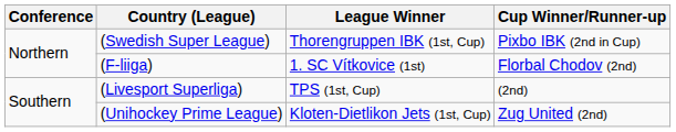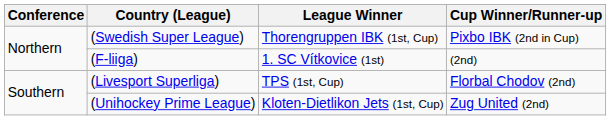 <table class="wikitable">
 <tr>
 <th>Conference</th>
 <th>Country (League)</th>
 <th>League Winner</th>
 <th>Cup Winner/Runner-up</th>
 </tr>
 <tr>
 <td rowspan=2>Northern</td>
 <td> (<a href='#'>Swedish Super League</a>)</td>
 <td><a href='#'>Thorengruppen IBK</a> <small>(1st, Cup)</small></td>
 <td><a href='#'>Pixbo IBK</a> <small>(2nd in Cup)</small></td>
 </tr>
 <tr>
 <td> (<a href='#'>F-liiga</a>)</td>
 <td><a href='#'>1. SC Vítkovice</a> <small>(1st)</small></td>
-<td><a href='#'>Florbal Chodov</a> <small>(2nd)</small></td>
+<td> <small>(2nd)</small></td>
 </tr>
 <tr>
 <td rowspan=2>Southern</td>
 <td> (<a href='#'>Livesport Superliga</a>)</td>
 <td><a href='#'>TPS</a> <small>(1st, Cup)</small></td>
-<td> <small>(2nd)</small></td>
+<td><a href='#'>Florbal Chodov</a> <small>(2nd)</small></td>
 </tr>
 <tr>
 <td> (<a href='#'>Unihockey Prime League</a>)</td>
 <td><a href='#'>Kloten-Dietlikon Jets</a> <small>(1st, Cup)</small></td>
 <td><a href='#'>Zug United</a> <small>(2nd)</small></td>
 </tr>
 </table>
